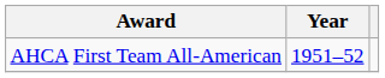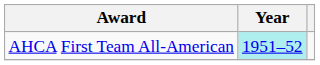 <table class="wikitable">
 <tr>
 <th>Award</th>
 <th>Year</th>
 <th></th>
 </tr>
 <tr>
 <td><a href='#'>AHCA</a> <a href='#'>First Team All-American</a></td>
-<td><a href='#'>1951–52</a></td>
+<td style="background: paleturquoise;"><a href='#'>1951–52</a></td>
 <td></td>
 </tr>
 <tr>
 </tr>
 </table>
